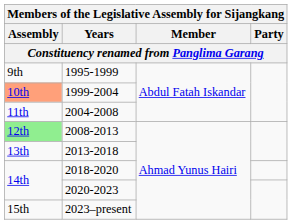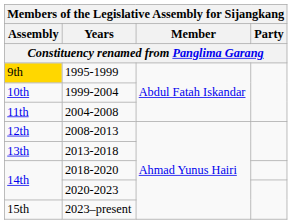 <table class=wikitable>
 <tr>
 <th colspan=4>Members of the Legislative Assembly for Sijangkang</th>
 </tr>
 <tr>
 <th>Assembly</th>
 <th>Years</th>
 <th>Member</th>
 <th>Party</th>
 </tr>
 <tr>
 <th colspan=4 align=center><em>Constituency renamed from <a href='#'>Panglima Garang</a></em></th>
 </tr>
 <tr>
-<td>9th</td>
+<td style="background: gold;">9th</td>
 <td>1995-1999</td>
 <td rowspan=3><a href='#'>Abdul Fatah Iskandar</a></td>
 <td rowspan=3></td>
 </tr>
 <tr>
-<td style="background: lightsalmon;"><a href='#'>10th</a></td>
+<td><a href='#'>10th</a></td>
 <td>1999-2004</td>
 </tr>
 <tr>
 <td><a href='#'>11th</a></td>
 <td>2004-2008</td>
 </tr>
 <tr>
-<td style="background: lightgreen;"><a href='#'>12th</a></td>
+<td><a href='#'>12th</a></td>
 <td>2008-2013</td>
 <td rowspan=5><a href='#'>Ahmad Yunus Hairi</a></td>
 <td rowspan="2"></td>
 </tr>
 <tr>
 <td><a href='#'>13th</a></td>
 <td>2013-2018</td>
 </tr>
 <tr>
 <td rowspan="2"><a href='#'>14th</a></td>
 <td>2018-2020</td>
 <td></td>
 </tr>
 <tr>
 <td>2020-2023</td>
 <td rowspan="2"></td>
 </tr>
 <tr>
 <td>15th</td>
 <td>2023–present</td>
 </tr>
 </table>
